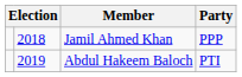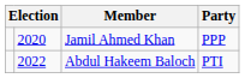 <table class="wikitable">
 <tr>
 <th colspan="2">Election</th>
 <th>Member</th>
 <th>Party</th>
 </tr>
 <tr>
 <td style="background-color: "></td>
-<td><a href='#'>2018</a></td>
+<td><a href='#'>2020</a></td>
 <td><a href='#'>Jamil Ahmed Khan</a></td>
 <td><a href='#'>PPP</a></td>
 </tr>
 <tr>
 <td style="background-color: "></td>
-<td><a href='#'>2019</a></td>
+<td><a href='#'>2022</a></td>
 <td><a href='#'>Abdul Hakeem Baloch</a></td>
 <td><a href='#'>PTI</a></td>
 </tr>
 </table>
